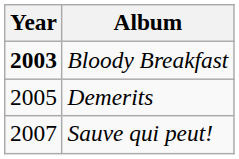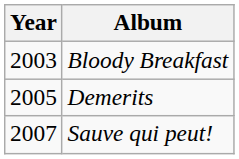 <table class="wikitable sortable">
 <tr>
 <th>Year</th>
 <th>Album</th>
 </tr>
 <tr>
-<td><strong>2003</strong></td>
+<td>2003</td>
 <td><em>Bloody Breakfast</em></td>
 </tr>
 <tr>
 <td>2005</td>
 <td><em>Demerits</em></td>
 </tr>
 <tr>
 <td>2007</td>
 <td><em>Sauve qui peut!</em></td>
 </tr>
 </table>
